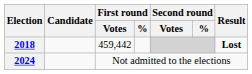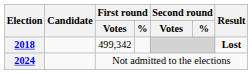 <table class=wikitable style=text-align:center>
 <tr>
 <th rowspan="2"><strong>Election</strong></th>
 <th rowspan="2">Candidate</th>
 <th colspan="2" scope="col">First round</th>
 <th colspan="2">Second round</th>
 <th rowspan="2">Result</th>
 </tr>
 <tr>
 <th><strong>Votes</strong></th>
 <th><strong>%</strong></th>
 <th><strong>Votes</strong></th>
 <th><strong>%</strong></th>
 </tr>
 <tr>
 <th><a href='#'>2018</a></th>
 <td></td>
-<td>459,442</td>
+<td>499,342</td>
 <td></td>
 <td bgcolor=lightgrey colspan=2></td>
 <td><strong>Lost</strong> </td>
 </tr>
 <tr>
 <th><a href='#'>2024</a></th>
 <td></td>
 <td colspan=5>Not admitted to the elections</td>
 </tr>
 </table>
